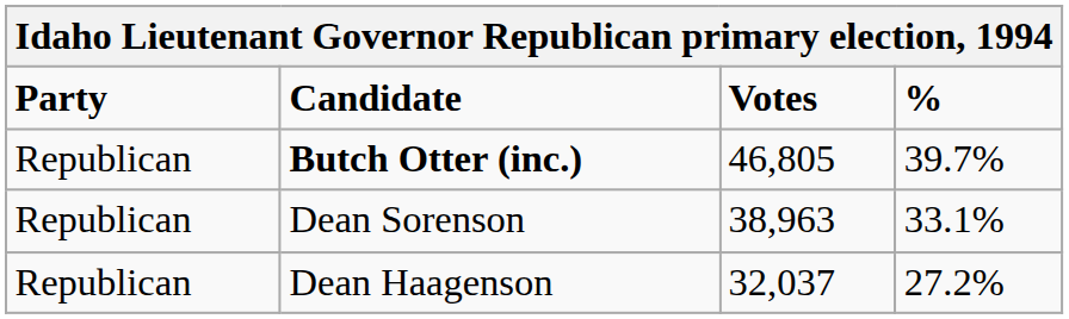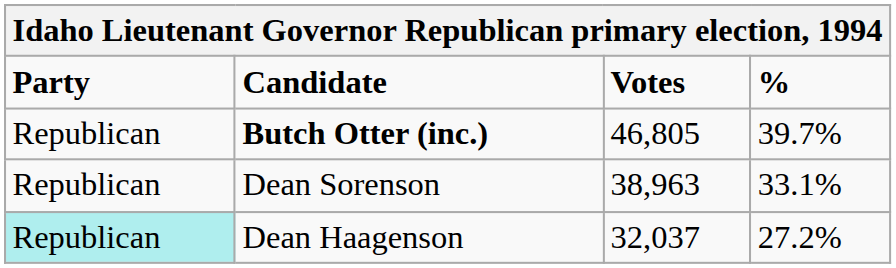 <table class="wikitable">
 <tr>
 <th colspan="4">Idaho Lieutenant Governor Republican primary election, 1994</th>
 </tr>
 <tr>
 <td><strong>Party</strong></td>
 <td><strong>Candidate</strong></td>
 <td><strong>Votes</strong></td>
 <td><strong>%</strong></td>
 </tr>
 <tr>
 <td>Republican</td>
 <td><strong>Butch Otter (inc.)</strong></td>
 <td>46,805</td>
 <td>39.7%</td>
 </tr>
 <tr>
 <td>Republican</td>
 <td>Dean Sorenson</td>
 <td>38,963</td>
 <td>33.1%</td>
 </tr>
 <tr>
-<td>Republican</td>
+<td style="background: paleturquoise;">Republican</td>
 <td>Dean Haagenson</td>
 <td>32,037</td>
 <td>27.2%</td>
 </tr>
 </table>
